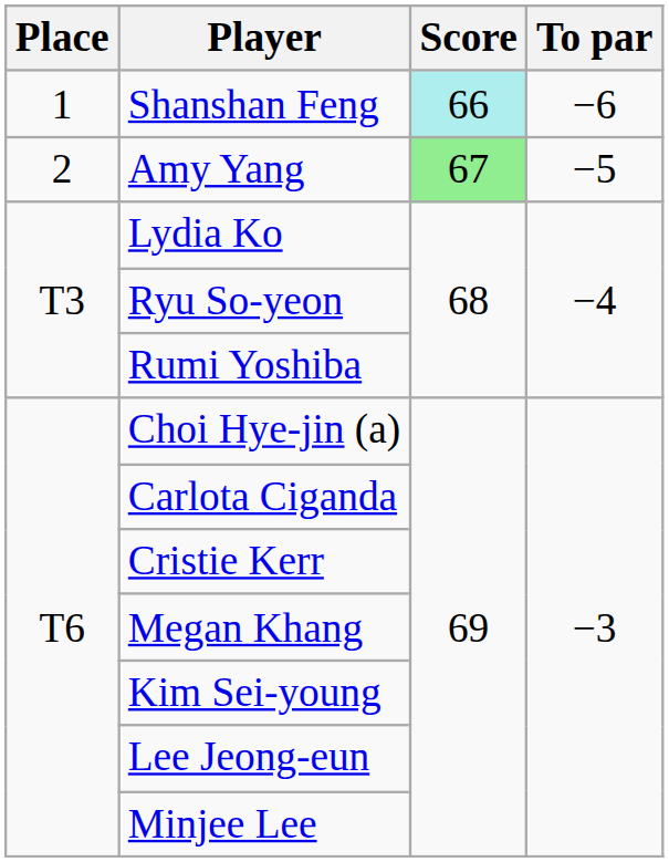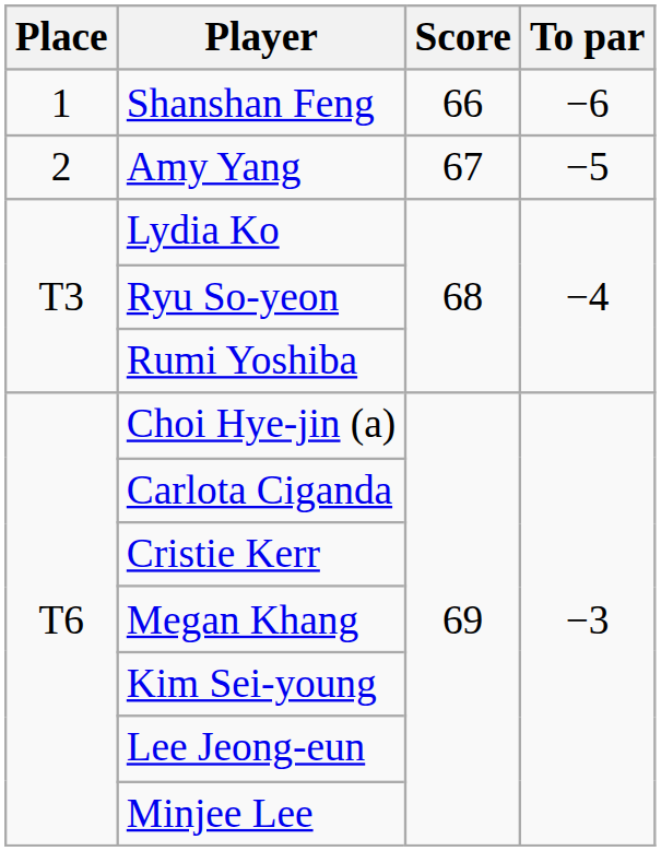 <table class="wikitable">
 <tr>
 <th>Place</th>
 <th>Player</th>
 <th>Score</th>
 <th>To par</th>
 </tr>
 <tr>
 <td align=center>1</td>
 <td> <a href='#'>Shanshan Feng</a></td>
-<td align=center style="background: paleturquoise;">66</td>
+<td align=center>66</td>
 <td align=center>−6</td>
 </tr>
 <tr>
 <td align=center>2</td>
 <td> <a href='#'>Amy Yang</a></td>
-<td align=center style="background: lightgreen;">67</td>
+<td align=center>67</td>
 <td align=center>−5</td>
 </tr>
 <tr>
 <td rowspan=3 align=center>T3</td>
 <td> <a href='#'>Lydia Ko</a></td>
 <td rowspan=3 align=center>68</td>
 <td rowspan=3 align=center>−4</td>
 </tr>
 <tr>
 <td> <a href='#'>Ryu So-yeon</a></td>
 </tr>
 <tr>
 <td> <a href='#'>Rumi Yoshiba</a></td>
 </tr>
 <tr>
 <td rowspan=7 align=center>T6</td>
 <td> <a href='#'>Choi Hye-jin</a> (a)</td>
 <td rowspan=7 align=center>69</td>
 <td rowspan=7 align=center>−3</td>
 </tr>
 <tr>
 <td> <a href='#'>Carlota Ciganda</a></td>
 </tr>
 <tr>
 <td> <a href='#'>Cristie Kerr</a></td>
 </tr>
 <tr>
 <td> <a href='#'>Megan Khang</a></td>
 </tr>
 <tr>
 <td> <a href='#'>Kim Sei-young</a></td>
 </tr>
 <tr>
 <td> <a href='#'>Lee Jeong-eun</a></td>
 </tr>
 <tr>
 <td> <a href='#'>Minjee Lee</a></td>
 </tr>
 </table>
